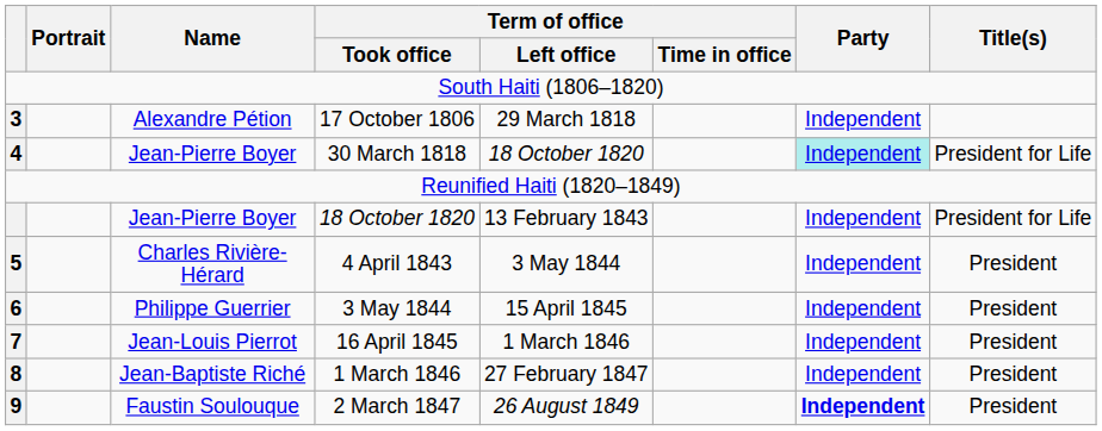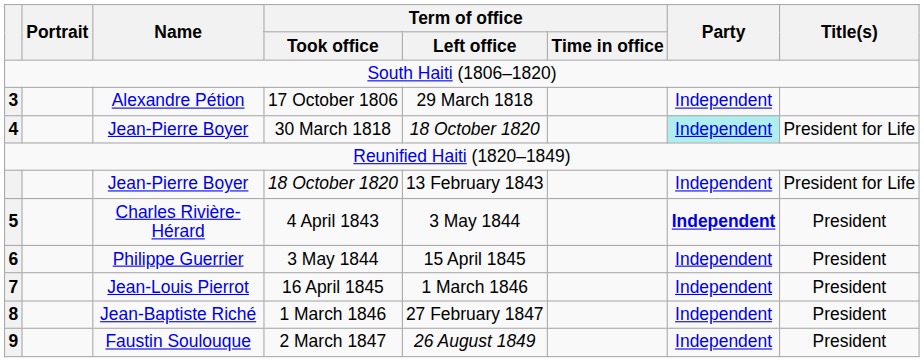 <table class="wikitable" style="text-align:center">
 <tr>
 <th rowspan="2"></th>
 <th rowspan="2">Portrait</th>
 <th rowspan="2" width="150">Name<br></th>
 <th colspan="3">Term of office</th>
 <th rowspan="2">Party</th>
 <th rowspan="2">Title(s)</th>
 </tr>
 <tr>
 <th>Took office</th>
 <th>Left office</th>
 <th>Time in office</th>
 </tr>
 <tr>
 <td colspan="8"><a href='#'>South Haiti</a> (1806–1820)</td>
 </tr>
 <tr>
 <th style="background:">3</th>
 <td></td>
 <td><a href='#'>Alexandre Pétion</a><br></td>
 <td>17 October 1806</td>
 <td>29 March 1818</td>
 <td></td>
 <td><a href='#'>Independent</a></td>
 <td></td>
 </tr>
 <tr>
 <th style="background:">4</th>
 <td></td>
 <td><a href='#'>Jean-Pierre Boyer</a><br></td>
 <td>30 March 1818</td>
 <td><em>18 October 1820</em></td>
 <td></td>
 <td style="background: paleturquoise;"><a href='#'>Independent</a></td>
 <td>President for Life</td>
 </tr>
 <tr>
 <td colspan="8"><a href='#'>Reunified Haiti</a> (1820–1849)</td>
 </tr>
 <tr>
 <th style="background:"></th>
 <td></td>
 <td><a href='#'>Jean-Pierre Boyer</a><br></td>
 <td><em>18 October 1820</em></td>
 <td>13 February 1843</td>
 <td></td>
 <td><a href='#'>Independent</a></td>
 <td>President for Life</td>
 </tr>
 <tr>
 <th style="background:">5</th>
 <td></td>
 <td><a href='#'>Charles Rivière-Hérard</a><br></td>
 <td>4 April 1843</td>
 <td>3 May 1844</td>
 <td></td>
-<td><a href='#'>Independent</a></td>
+<td><strong><a href='#'>Independent</a></strong></td>
 <td>President</td>
 </tr>
 <tr>
 <th style="background:">6</th>
 <td></td>
 <td><a href='#'>Philippe Guerrier</a><br></td>
 <td>3 May 1844</td>
 <td>15 April 1845</td>
 <td></td>
 <td><a href='#'>Independent</a></td>
 <td>President</td>
 </tr>
 <tr>
 <th style="background:">7</th>
 <td></td>
 <td><a href='#'>Jean-Louis Pierrot</a><br></td>
 <td>16 April 1845</td>
 <td>1 March 1846</td>
 <td></td>
 <td><a href='#'>Independent</a></td>
 <td>President</td>
 </tr>
 <tr>
 <th style="background:">8</th>
 <td></td>
 <td><a href='#'>Jean-Baptiste Riché</a><br></td>
 <td>1 March 1846</td>
 <td>27 February 1847</td>
 <td></td>
 <td><a href='#'>Independent</a></td>
 <td>President</td>
 </tr>
 <tr>
 <th style="background:">9</th>
 <td></td>
 <td><a href='#'>Faustin Soulouque</a><br></td>
 <td>2 March 1847</td>
 <td><em>26 August 1849</em></td>
 <td></td>
-<td><strong><a href='#'>Independent</a></strong></td>
+<td><a href='#'>Independent</a></td>
 <td>President</td>
 </tr>
 </table>
